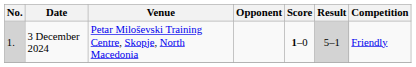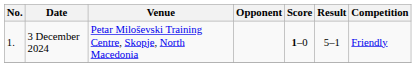 <table class="wikitable">
 <tr>
 <th>No.</th>
 <th>Date</th>
 <th>Venue</th>
 <th>Opponent</th>
 <th>Score</th>
 <th>Result</th>
 <th>Competition</th>
 </tr>
 <tr>
-<td style="background: lightgrey;">1.</td>
+<td>1.</td>
 <td>3 December 2024</td>
 <td><a href='#'>Petar Miloševski Training Centre</a>, <a href='#'>Skopje</a>, <a href='#'>North Macedonia</a></td>
 <td></td>
 <td align=center><strong>1</strong>–0</td>
-<td align=center style="background: lightgrey;">5–1</td>
+<td align=center>5–1</td>
 <td><a href='#'>Friendly</a></td>
 </tr>
 <tr>
 </tr>
 </table>
